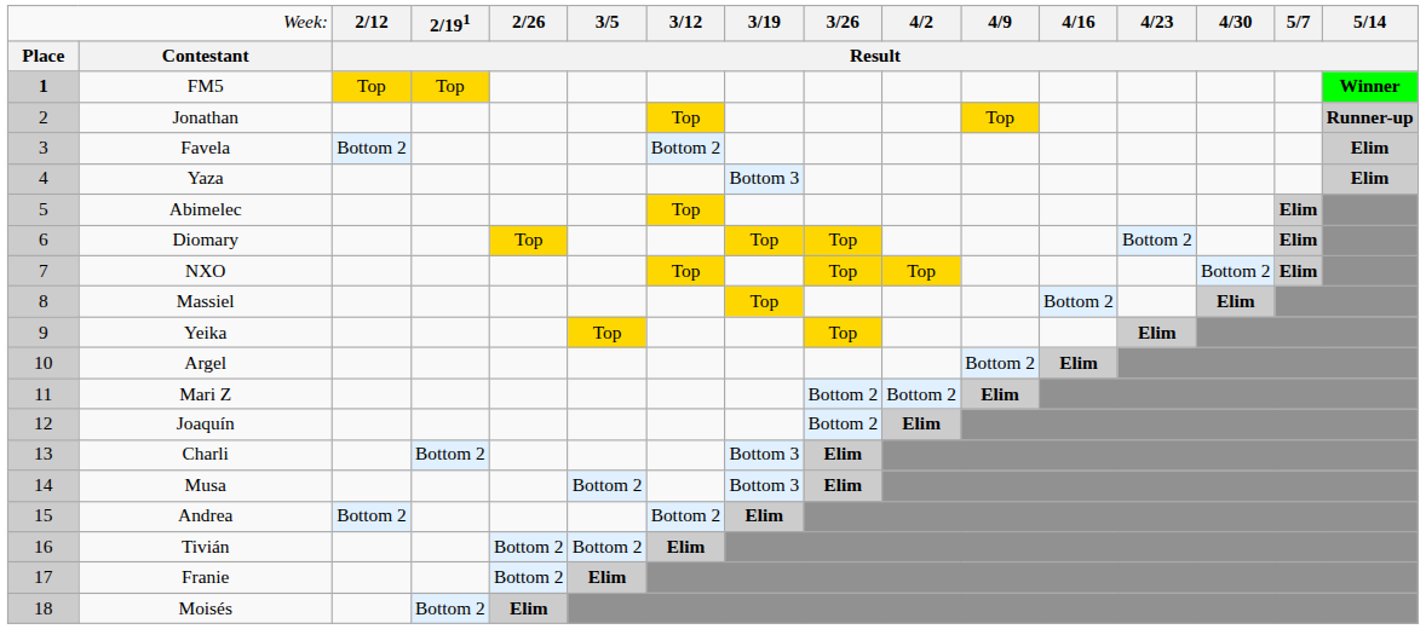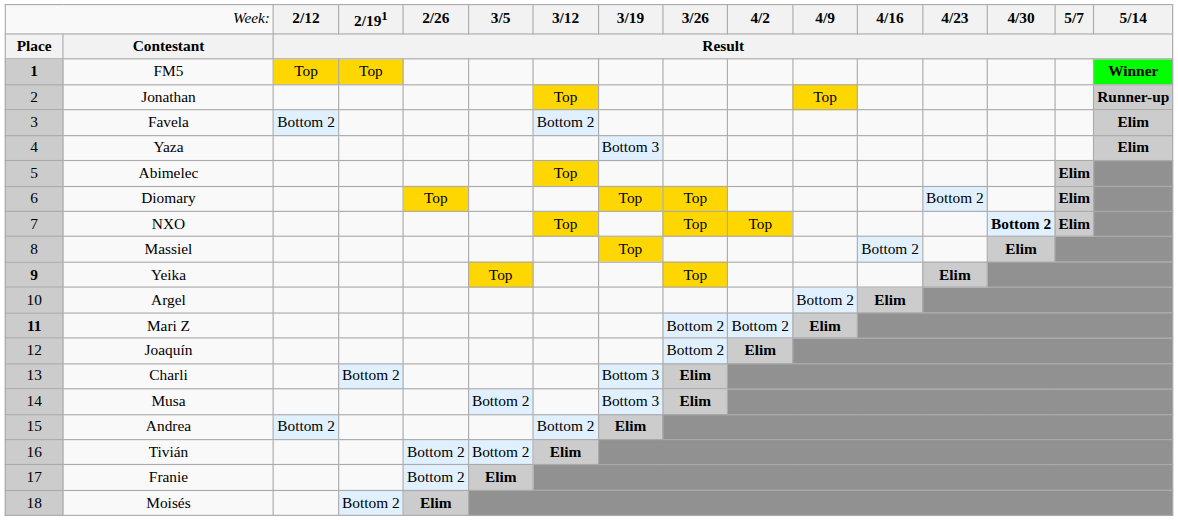 <table class="wikitable" style="margin:auto; text-align:center; font-size:85%;">
 <tr>
 <td colspan="2" style="text-align:right;"><em>Week:</em></td>
 <th><strong>2/12</strong></th>
 <th><strong>2/19</strong><sup>1</sup></th>
 <th><strong>2/26</strong></th>
 <th><strong>3/5</strong></th>
 <th><strong>3/12</strong></th>
 <th><strong>3/19</strong></th>
 <th><strong>3/26</strong></th>
 <th><strong>4/2</strong></th>
 <th><strong>4/9</strong></th>
 <th><strong>4/16</strong></th>
 <th><strong>4/23</strong></th>
 <th><strong>4/30</strong></th>
 <th><strong>5/7</strong></th>
 <th><strong>5/14</strong></th>
 </tr>
 <tr>
 <th width=5%>Place</th>
 <th width=18%>Contestant</th>
 <th colspan=14>Result</th>
 </tr>
 <tr>
 <td style="background:#ccc; text-align:center;"><strong>1</strong></td>
 <td>FM5</td>
 <td style="background:gold;">Top</td>
 <td style="background:gold;">Top</td>
 <td></td>
 <td></td>
 <td></td>
 <td></td>
 <td></td>
 <td></td>
 <td></td>
 <td></td>
 <td></td>
 <td></td>
 <td></td>
 <td style="background:lime; text-align:center;"><strong>Winner</strong></td>
 </tr>
 <tr>
 <td style="background:#ccc; text-align:center;">2</td>
 <td>Jonathan</td>
 <td></td>
 <td></td>
 <td></td>
 <td></td>
 <td style="background:gold;">Top</td>
 <td></td>
 <td></td>
 <td></td>
 <td style="background:gold;">Top</td>
 <td></td>
 <td></td>
 <td></td>
 <td></td>
 <td style="background:#ccc; text-align:center;"><strong>Runner-up</strong></td>
 </tr>
 <tr>
 <td style="background:#ccc; text-align:center;">3</td>
 <td>Favela</td>
 <td style="background:#e0f0ff;">Bottom 2</td>
 <td></td>
 <td></td>
 <td></td>
 <td style="background:#e0f0ff;">Bottom 2</td>
 <td></td>
 <td></td>
 <td></td>
 <td></td>
 <td></td>
 <td></td>
 <td></td>
 <td></td>
 <td style="background:#ccc; text-align:center;"><strong>Elim</strong></td>
 </tr>
 <tr>
 <td style="background:#ccc; text-align:center;">4</td>
 <td>Yaza</td>
 <td></td>
 <td></td>
 <td></td>
 <td></td>
 <td></td>
 <td style="background:#e0f0ff;">Bottom 3</td>
 <td></td>
 <td></td>
 <td></td>
 <td></td>
 <td></td>
 <td></td>
 <td></td>
 <td style="background:#ccc; text-align:center;"><strong>Elim</strong></td>
 </tr>
 <tr>
 <td style="background:#ccc; text-align:center;">5</td>
 <td>Abimelec</td>
 <td></td>
 <td></td>
 <td></td>
 <td></td>
 <td style="background:gold;">Top</td>
 <td></td>
 <td></td>
 <td></td>
 <td></td>
 <td></td>
 <td></td>
 <td></td>
 <td style="background:#ccc; text-align:center;"><strong>Elim</strong></td>
 <td style="background:#919191;"></td>
 </tr>
 <tr>
 <td style="background:#ccc; text-align:center;">6</td>
 <td>Diomary</td>
 <td></td>
 <td></td>
 <td style="background:gold;">Top</td>
 <td></td>
 <td></td>
 <td style="background:gold;">Top</td>
 <td style="background:gold;">Top</td>
 <td></td>
 <td></td>
 <td></td>
 <td style="background:#e0f0ff;">Bottom 2</td>
 <td></td>
 <td style="background:#ccc; text-align:center;"><strong>Elim</strong></td>
 <td style="background:#919191;"></td>
 </tr>
 <tr>
 <td style="background:#ccc; text-align:center;">7</td>
 <td>NXO</td>
 <td></td>
 <td></td>
 <td></td>
 <td></td>
 <td style="background:gold;">Top</td>
 <td></td>
 <td style="background:gold;">Top</td>
 <td style="background:gold;">Top</td>
 <td></td>
 <td></td>
 <td></td>
-<td style="background:#e0f0ff;">Bottom 2</td>
+<td style="background:#e0f0ff;"><strong>Bottom 2</strong></td>
 <td style="background:#ccc; text-align:center;"><strong>Elim</strong></td>
 <td style="background:#919191;"></td>
 </tr>
 <tr>
 <td style="background:#ccc; text-align:center;">8</td>
 <td>Massiel</td>
 <td></td>
 <td></td>
 <td></td>
 <td></td>
 <td></td>
 <td style="background:gold;">Top</td>
 <td></td>
 <td></td>
 <td></td>
 <td style="background:#e0f0ff;">Bottom 2</td>
 <td></td>
 <td style="background:#ccc; text-align:center;"><strong>Elim</strong></td>
 <td style="background:#919191;" colspan="2"></td>
 </tr>
 <tr>
-<td style="background:#ccc; text-align:center;">9</td>
+<td style="background:#ccc; text-align:center;"><strong>9</strong></td>
 <td>Yeika</td>
 <td></td>
 <td></td>
 <td></td>
 <td style="background:gold;">Top</td>
 <td></td>
 <td></td>
 <td style="background:gold;">Top</td>
 <td></td>
 <td></td>
 <td></td>
 <td style="background:#ccc; text-align:center;"><strong>Elim</strong></td>
 <td style="background:#919191;" colspan="3"></td>
 </tr>
 <tr>
 <td style="background:#ccc; text-align:center;">10</td>
 <td>Argel</td>
 <td></td>
 <td></td>
 <td></td>
 <td></td>
 <td></td>
 <td></td>
 <td></td>
 <td></td>
 <td style="background:#e0f0ff;">Bottom 2</td>
 <td style="background:#ccc; text-align:center;"><strong>Elim</strong></td>
 <td style="background:#919191;" colspan="4"></td>
 </tr>
 <tr>
-<td style="background:#ccc; text-align:center;">11</td>
+<td style="background:#ccc; text-align:center;"><strong>11</strong></td>
 <td>Mari Z</td>
 <td></td>
 <td></td>
 <td></td>
 <td></td>
 <td></td>
 <td></td>
 <td style="background:#e0f0ff;">Bottom 2</td>
 <td style="background:#e0f0ff;">Bottom 2</td>
 <td style="background:#ccc; text-align:center;"><strong>Elim</strong></td>
 <td style="background:#919191;" colspan="5"></td>
 </tr>
 <tr>
 <td style="background:#ccc; text-align:center;">12</td>
 <td>Joaquín</td>
 <td></td>
 <td></td>
 <td></td>
 <td></td>
 <td></td>
 <td></td>
 <td style="background:#e0f0ff;">Bottom 2</td>
 <td style="background:#ccc; text-align:center;"><strong>Elim</strong></td>
 <td style="background:#919191;" colspan="6"></td>
 </tr>
 <tr>
 <td style="background:#ccc; text-align:center;">13</td>
 <td>Charli</td>
 <td></td>
 <td style="background:#e0f0ff;">Bottom 2</td>
 <td></td>
 <td></td>
 <td></td>
 <td style="background:#e0f0ff;">Bottom 3</td>
 <td style="background:#ccc; text-align:center;"><strong>Elim</strong></td>
 <td style="background:#919191;" colspan="7"></td>
 </tr>
 <tr>
 <td style="background:#ccc; text-align:center;">14</td>
 <td>Musa</td>
 <td></td>
 <td></td>
 <td></td>
 <td style="background:#e0f0ff;">Bottom 2</td>
 <td></td>
 <td style="background:#e0f0ff;">Bottom 3</td>
 <td style="background:#ccc; text-align:center;"><strong>Elim</strong></td>
 <td style="background:#919191;" colspan="7"></td>
 </tr>
 <tr>
 <td style="background:#ccc; text-align:center;">15</td>
 <td>Andrea</td>
 <td style="background:#e0f0ff;">Bottom 2</td>
 <td></td>
 <td></td>
 <td></td>
 <td style="background:#e0f0ff;">Bottom 2</td>
 <td style="background:#ccc; text-align:center;"><strong>Elim</strong></td>
 <td style="background:#919191;" colspan="8"></td>
 </tr>
 <tr>
 <td style="background:#ccc; text-align:center;">16</td>
 <td>Tivián</td>
 <td></td>
 <td></td>
 <td style="background:#e0f0ff;">Bottom 2</td>
 <td style="background:#e0f0ff;">Bottom 2</td>
 <td style="background:#ccc; text-align:center;"><strong>Elim</strong></td>
 <td style="background:#919191;" colspan="9"></td>
 </tr>
 <tr>
 <td style="background:#ccc; text-align:center;">17</td>
 <td>Franie</td>
 <td></td>
 <td></td>
 <td style="background:#e0f0ff;">Bottom 2</td>
 <td style="background:#ccc; text-align:center;"><strong>Elim</strong></td>
 <td style="background:#919191;" colspan="10"></td>
 </tr>
 <tr>
 <td style="background:#ccc; text-align:center;">18</td>
 <td>Moisés</td>
 <td></td>
 <td style="background:#e0f0ff;">Bottom 2</td>
 <td style="background:#ccc; text-align:center;"><strong>Elim</strong></td>
 <td style="background:#919191;" colspan="11"></td>
 </tr>
 </table>
